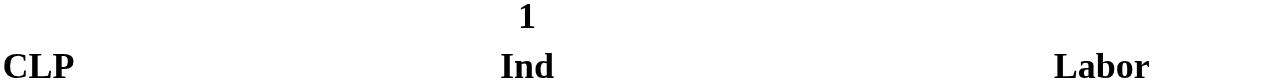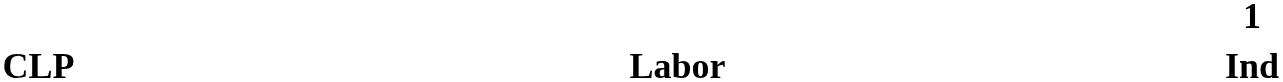 <table style="width:60%; text-align:center;">
 <tr style="color:white;">
 <td style="background:"><strong>17</strong></td>
+<td style="background:"><strong>7</strong></td>
 <td style="color:black; background:"><strong>1</strong></td>
-<td style="background:"><strong>7</strong></td>
 </tr>
 <tr>
 <td><span><strong>CLP</strong></span></td>
+<td><span><strong>Labor</strong></span></td>
 <td><span><strong>Ind</strong></span></td>
-<td><span><strong>Labor</strong></span></td>
 </tr>
 </table>
